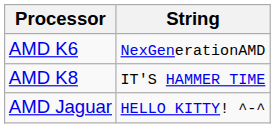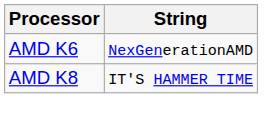 <table class="wikitable">
 <tr>
 <th>Processor</th>
 <th>String</th>
 </tr>
 <tr>
 <td><a href='#'>AMD K6</a></td>
 <td><code><a href='#'>NexGen</a>‍erationAMD</code></td>
 </tr>
 <tr>
 <td><a href='#'>AMD K8</a></td>
 <td><code>IT'S <a href='#'>HAMMER TIME</a></code></td>
 </tr>
-<tr>
-<td><a href='#'>AMD Jaguar</a></td>
-<td><code><a href='#'>HELLO KITTY</a>! ^-^</code></td>
-</tr>
 </table>
